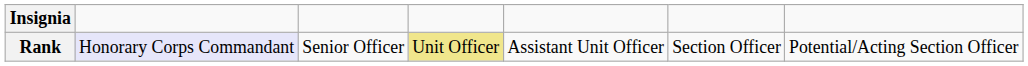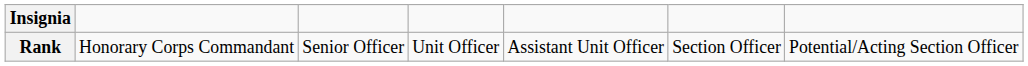 <table class="wikitable" style="margin:1em auto;">
 <tr align="center">
 <th>Insignia</th>
 <td></td>
 <td></td>
 <td></td>
 <td></td>
 <td></td>
 <td></td>
 </tr>
 <tr align="center">
 <th>Rank</th>
-<td style="background: lavender;">Honorary Corps Commandant</td>
+<td>Honorary Corps Commandant</td>
 <td>Senior Officer</td>
-<td style="background: khaki;">Unit Officer</td>
+<td>Unit Officer</td>
 <td>Assistant Unit Officer</td>
 <td>Section Officer</td>
 <td>Potential/Acting Section Officer</td>
 </tr>
 </table>
